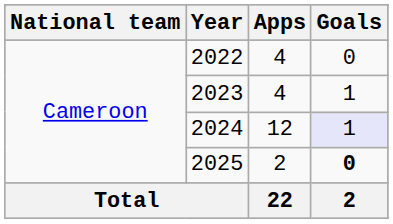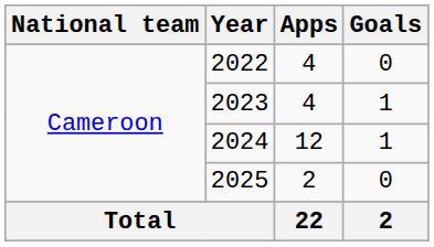 <table class="wikitable" style="text-align:center">
 <tr>
 <th>National team</th>
 <th>Year</th>
 <th>Apps</th>
 <th>Goals</th>
 </tr>
 <tr>
 <td rowspan="4"><a href='#'>Cameroon</a></td>
 <td>2022</td>
 <td>4</td>
 <td>0</td>
 </tr>
 <tr>
 <td>2023</td>
 <td>4</td>
 <td>1</td>
 </tr>
 <tr>
 <td>2024</td>
 <td>12</td>
-<td style="background: lavender;">1</td>
+<td>1</td>
 </tr>
 <tr>
 <td>2025</td>
 <td>2</td>
-<td><strong>0</strong></td>
+<td>0</td>
 </tr>
 <tr>
 <th colspan="2">Total</th>
 <th>22</th>
 <th>2</th>
 </tr>
 </table>
